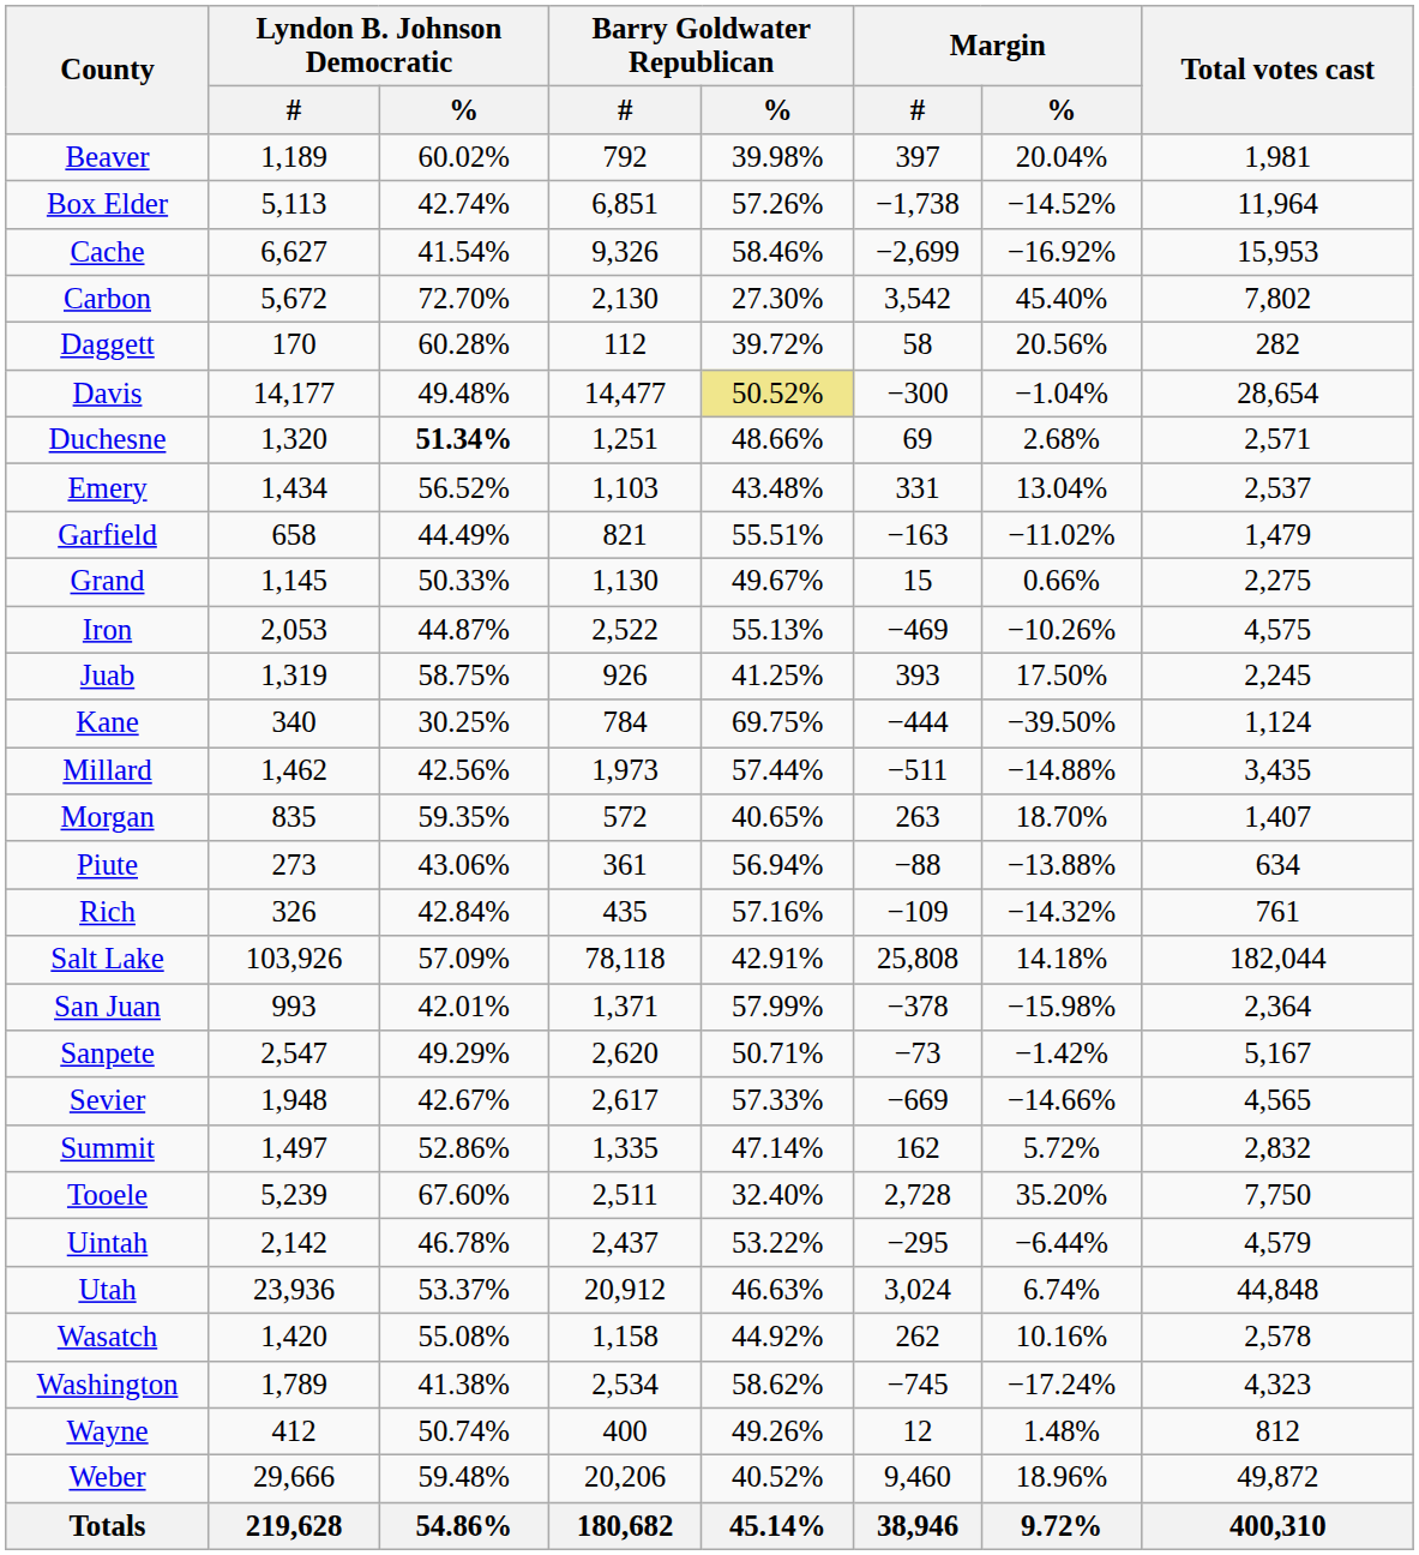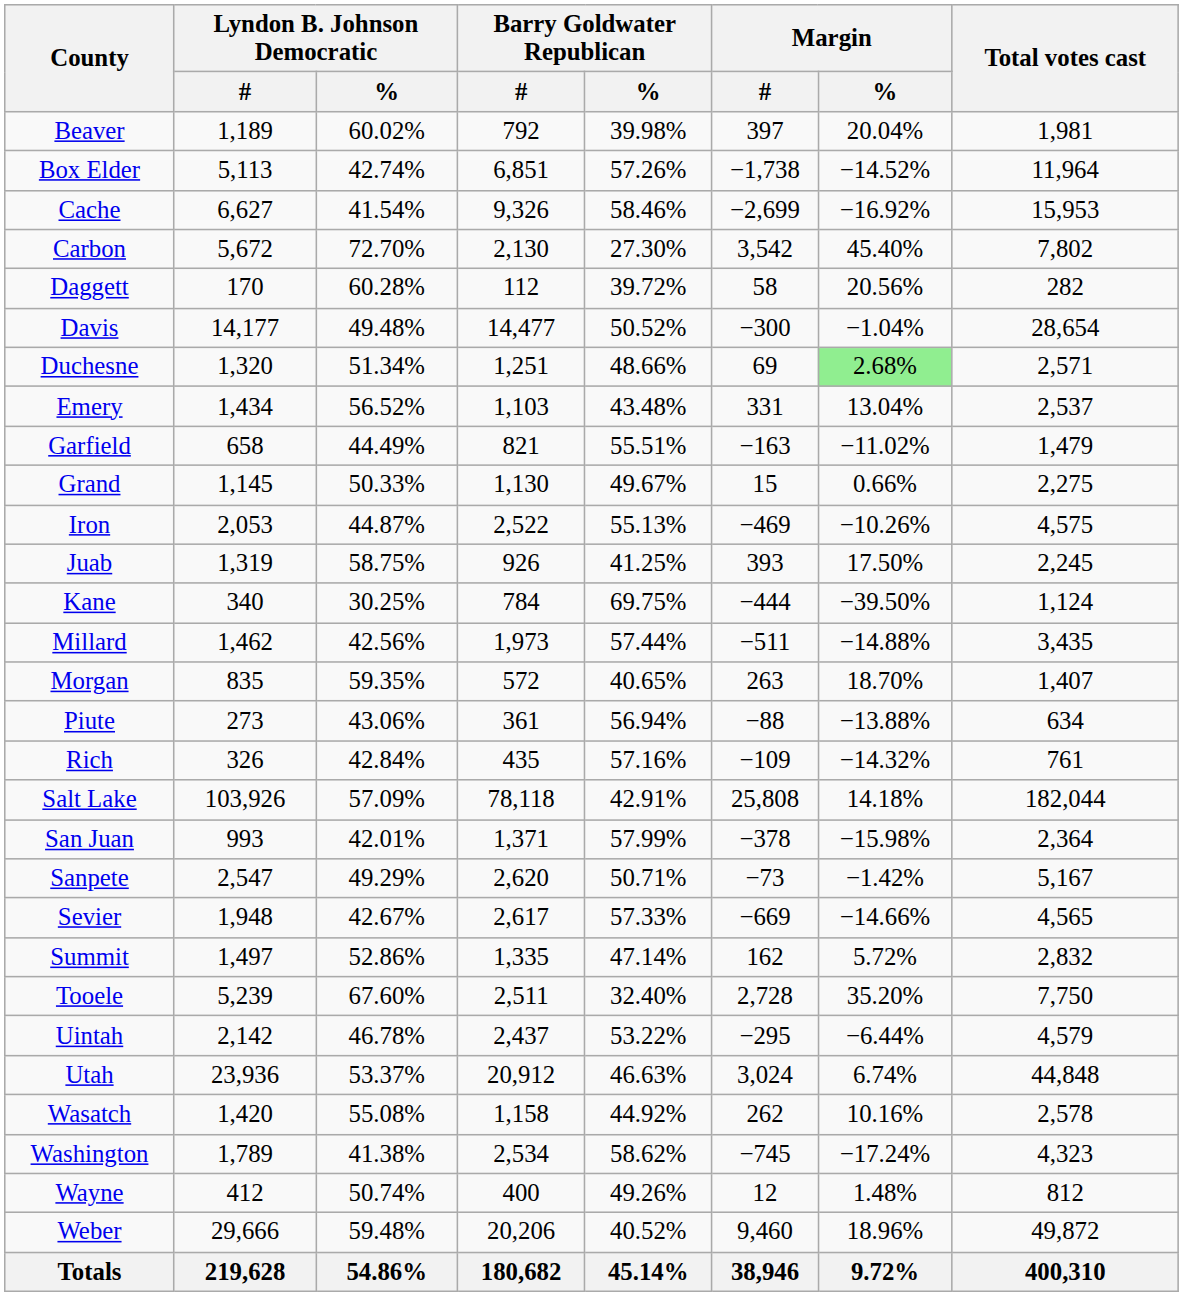 <table width="60%" class="wikitable sortable" style="text-align:center">
 <tr>
 <th style="text-align:center;" rowspan="2">County</th>
 <th style="text-align:center;" colspan="2">Lyndon B. Johnson<br>Democratic</th>
 <th style="text-align:center;" colspan="2">Barry Goldwater<br>Republican</th>
 <th style="text-align:center;" colspan="2">Margin</th>
 <th style="text-align:center;" rowspan="2">Total votes cast</th>
 </tr>
 <tr>
 <th style="text-align:center;" data-sort-type="number">#</th>
 <th style="text-align:center;" data-sort-type="number">%</th>
 <th style="text-align:center;" data-sort-type="number">#</th>
 <th style="text-align:center;" data-sort-type="number">%</th>
 <th style="text-align:center;" data-sort-type="number">#</th>
 <th style="text-align:center;" data-sort-type="number">%</th>
 </tr>
 <tr style="text-align:center;">
 <td><a href='#'>Beaver</a></td>
 <td>1,189</td>
 <td>60.02%</td>
 <td>792</td>
 <td>39.98%</td>
 <td>397</td>
 <td>20.04%</td>
 <td>1,981</td>
 </tr>
 <tr style="text-align:center;">
 <td><a href='#'>Box Elder</a></td>
 <td>5,113</td>
 <td>42.74%</td>
 <td>6,851</td>
 <td>57.26%</td>
 <td>−1,738</td>
 <td>−14.52%</td>
 <td>11,964</td>
 </tr>
 <tr style="text-align:center;">
 <td><a href='#'>Cache</a></td>
 <td>6,627</td>
 <td>41.54%</td>
 <td>9,326</td>
 <td>58.46%</td>
 <td>−2,699</td>
 <td>−16.92%</td>
 <td>15,953</td>
 </tr>
 <tr style="text-align:center;">
 <td><a href='#'>Carbon</a></td>
 <td>5,672</td>
 <td>72.70%</td>
 <td>2,130</td>
 <td>27.30%</td>
 <td>3,542</td>
 <td>45.40%</td>
 <td>7,802</td>
 </tr>
 <tr style="text-align:center;">
 <td><a href='#'>Daggett</a></td>
 <td>170</td>
 <td>60.28%</td>
 <td>112</td>
 <td>39.72%</td>
 <td>58</td>
 <td>20.56%</td>
 <td>282</td>
 </tr>
 <tr style="text-align:center;">
 <td><a href='#'>Davis</a></td>
 <td>14,177</td>
 <td>49.48%</td>
 <td>14,477</td>
-<td style="background: khaki;">50.52%</td>
+<td>50.52%</td>
 <td>−300</td>
 <td>−1.04%</td>
 <td>28,654</td>
 </tr>
 <tr style="text-align:center;">
 <td><a href='#'>Duchesne</a></td>
 <td>1,320</td>
-<td><strong>51.34%</strong></td>
+<td>51.34%</td>
 <td>1,251</td>
 <td>48.66%</td>
 <td>69</td>
-<td>2.68%</td>
+<td style="background: lightgreen;">2.68%</td>
 <td>2,571</td>
 </tr>
 <tr style="text-align:center;">
 <td><a href='#'>Emery</a></td>
 <td>1,434</td>
 <td>56.52%</td>
 <td>1,103</td>
 <td>43.48%</td>
 <td>331</td>
 <td>13.04%</td>
 <td>2,537</td>
 </tr>
 <tr style="text-align:center;">
 <td><a href='#'>Garfield</a></td>
 <td>658</td>
 <td>44.49%</td>
 <td>821</td>
 <td>55.51%</td>
 <td>−163</td>
 <td>−11.02%</td>
 <td>1,479</td>
 </tr>
 <tr style="text-align:center;">
 <td><a href='#'>Grand</a></td>
 <td>1,145</td>
 <td>50.33%</td>
 <td>1,130</td>
 <td>49.67%</td>
 <td>15</td>
 <td>0.66%</td>
 <td>2,275</td>
 </tr>
 <tr style="text-align:center;">
 <td><a href='#'>Iron</a></td>
 <td>2,053</td>
 <td>44.87%</td>
 <td>2,522</td>
 <td>55.13%</td>
 <td>−469</td>
 <td>−10.26%</td>
 <td>4,575</td>
 </tr>
 <tr style="text-align:center;">
 <td><a href='#'>Juab</a></td>
 <td>1,319</td>
 <td>58.75%</td>
 <td>926</td>
 <td>41.25%</td>
 <td>393</td>
 <td>17.50%</td>
 <td>2,245</td>
 </tr>
 <tr style="text-align:center;">
 <td><a href='#'>Kane</a></td>
 <td>340</td>
 <td>30.25%</td>
 <td>784</td>
 <td>69.75%</td>
 <td>−444</td>
 <td>−39.50%</td>
 <td>1,124</td>
 </tr>
 <tr style="text-align:center;">
 <td><a href='#'>Millard</a></td>
 <td>1,462</td>
 <td>42.56%</td>
 <td>1,973</td>
 <td>57.44%</td>
 <td>−511</td>
 <td>−14.88%</td>
 <td>3,435</td>
 </tr>
 <tr style="text-align:center;">
 <td><a href='#'>Morgan</a></td>
 <td>835</td>
 <td>59.35%</td>
 <td>572</td>
 <td>40.65%</td>
 <td>263</td>
 <td>18.70%</td>
 <td>1,407</td>
 </tr>
 <tr style="text-align:center;">
 <td><a href='#'>Piute</a></td>
 <td>273</td>
 <td>43.06%</td>
 <td>361</td>
 <td>56.94%</td>
 <td>−88</td>
 <td>−13.88%</td>
 <td>634</td>
 </tr>
 <tr style="text-align:center;">
 <td><a href='#'>Rich</a></td>
 <td>326</td>
 <td>42.84%</td>
 <td>435</td>
 <td>57.16%</td>
 <td>−109</td>
 <td>−14.32%</td>
 <td>761</td>
 </tr>
 <tr style="text-align:center;">
 <td><a href='#'>Salt Lake</a></td>
 <td>103,926</td>
 <td>57.09%</td>
 <td>78,118</td>
 <td>42.91%</td>
 <td>25,808</td>
 <td>14.18%</td>
 <td>182,044</td>
 </tr>
 <tr style="text-align:center;">
 <td><a href='#'>San Juan</a></td>
 <td>993</td>
 <td>42.01%</td>
 <td>1,371</td>
 <td>57.99%</td>
 <td>−378</td>
 <td>−15.98%</td>
 <td>2,364</td>
 </tr>
 <tr style="text-align:center;">
 <td><a href='#'>Sanpete</a></td>
 <td>2,547</td>
 <td>49.29%</td>
 <td>2,620</td>
 <td>50.71%</td>
 <td>−73</td>
 <td>−1.42%</td>
 <td>5,167</td>
 </tr>
 <tr style="text-align:center;">
 <td><a href='#'>Sevier</a></td>
 <td>1,948</td>
 <td>42.67%</td>
 <td>2,617</td>
 <td>57.33%</td>
 <td>−669</td>
 <td>−14.66%</td>
 <td>4,565</td>
 </tr>
 <tr style="text-align:center;">
 <td><a href='#'>Summit</a></td>
 <td>1,497</td>
 <td>52.86%</td>
 <td>1,335</td>
 <td>47.14%</td>
 <td>162</td>
 <td>5.72%</td>
 <td>2,832</td>
 </tr>
 <tr style="text-align:center;">
 <td><a href='#'>Tooele</a></td>
 <td>5,239</td>
 <td>67.60%</td>
 <td>2,511</td>
 <td>32.40%</td>
 <td>2,728</td>
 <td>35.20%</td>
 <td>7,750</td>
 </tr>
 <tr style="text-align:center;">
 <td><a href='#'>Uintah</a></td>
 <td>2,142</td>
 <td>46.78%</td>
 <td>2,437</td>
 <td>53.22%</td>
 <td>−295</td>
 <td>−6.44%</td>
 <td>4,579</td>
 </tr>
 <tr style="text-align:center;">
 <td><a href='#'>Utah</a></td>
 <td>23,936</td>
 <td>53.37%</td>
 <td>20,912</td>
 <td>46.63%</td>
 <td>3,024</td>
 <td>6.74%</td>
 <td>44,848</td>
 </tr>
 <tr style="text-align:center;">
 <td><a href='#'>Wasatch</a></td>
 <td>1,420</td>
 <td>55.08%</td>
 <td>1,158</td>
 <td>44.92%</td>
 <td>262</td>
 <td>10.16%</td>
 <td>2,578</td>
 </tr>
 <tr style="text-align:center;">
 <td><a href='#'>Washington</a></td>
 <td>1,789</td>
 <td>41.38%</td>
 <td>2,534</td>
 <td>58.62%</td>
 <td>−745</td>
 <td>−17.24%</td>
 <td>4,323</td>
 </tr>
 <tr style="text-align:center;">
 <td><a href='#'>Wayne</a></td>
 <td>412</td>
 <td>50.74%</td>
 <td>400</td>
 <td>49.26%</td>
 <td>12</td>
 <td>1.48%</td>
 <td>812</td>
 </tr>
 <tr style="text-align:center;">
 <td><a href='#'>Weber</a></td>
 <td>29,666</td>
 <td>59.48%</td>
 <td>20,206</td>
 <td>40.52%</td>
 <td>9,460</td>
 <td>18.96%</td>
 <td>49,872</td>
 </tr>
 <tr style="text-align:center;">
 <th>Totals</th>
 <th>219,628</th>
 <th>54.86%</th>
 <th>180,682</th>
 <th>45.14%</th>
 <th>38,946</th>
 <th>9.72%</th>
 <th>400,310</th>
 </tr>
 </table>
